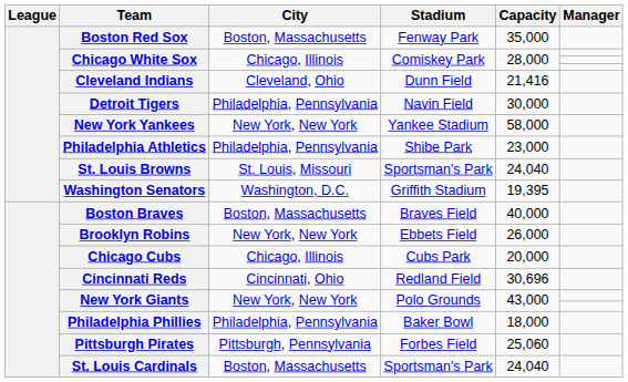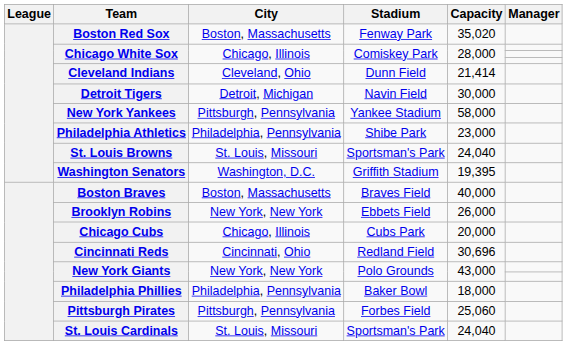 <table class="wikitable sortable plainrowheaders" style="text-align:center;">
 <tr>
 <th scope="col">League</th>
 <th scope="col">Team</th>
 <th scope="col">City</th>
 <th scope="col">Stadium</th>
 <th scope="col">Capacity</th>
 <th scope="col">Manager</th>
 </tr>
 <tr>
 <th rowspan="10"></th>
 <th scope="row"><a href='#'>Boston Red Sox</a></th>
 <td><a href='#'>Boston</a>, <a href='#'>Massachusetts</a></td>
 <td><a href='#'>Fenway Park</a></td>
-<td>35,000</td>
+<td>35,020</td>
 <td></td>
 </tr>
 <tr>
 <th rowspan="3" scope="row"><a href='#'>Chicago White Sox</a></th>
 <td rowspan="3"><a href='#'>Chicago</a>, <a href='#'>Illinois</a></td>
 <td rowspan="3"><a href='#'>Comiskey Park</a></td>
 <td rowspan="3">28,000</td>
 <td></td>
 </tr>
 <tr>
 <td></td>
 </tr>
 <tr>
 <td></td>
 </tr>
 <tr>
 <th scope="row"><a href='#'>Cleveland Indians</a></th>
 <td><a href='#'>Cleveland</a>, <a href='#'>Ohio</a></td>
 <td><a href='#'>Dunn Field</a></td>
-<td>21,416</td>
+<td>21,414</td>
 <td></td>
 </tr>
 <tr>
 <th scope="row"><a href='#'>Detroit Tigers</a></th>
-<td><a href='#'>Philadelphia</a>, <a href='#'>Pennsylvania</a></td>
+<td><a href='#'>Detroit</a>, <a href='#'>Michigan</a></td>
 <td><a href='#'>Navin Field</a></td>
 <td>30,000</td>
 <td></td>
 </tr>
 <tr>
 <th scope="row"><a href='#'>New York Yankees</a></th>
-<td><a href='#'>New York</a>, <a href='#'>New York</a></td>
+<td><a href='#'>Pittsburgh</a>, <a href='#'>Pennsylvania</a></td>
 <td><a href='#'>Yankee Stadium</a></td>
 <td>58,000</td>
 <td></td>
 </tr>
 <tr>
 <th scope="row"><a href='#'>Philadelphia Athletics</a></th>
 <td><a href='#'>Philadelphia</a>, <a href='#'>Pennsylvania</a></td>
 <td><a href='#'>Shibe Park</a></td>
 <td>23,000</td>
 <td></td>
 </tr>
 <tr>
 <th scope="row"><a href='#'>St. Louis Browns</a></th>
 <td><a href='#'>St. Louis</a>, <a href='#'>Missouri</a></td>
 <td><a href='#'>Sportsman's Park</a></td>
 <td>24,040</td>
 <td></td>
 </tr>
 <tr>
 <th scope="row"><a href='#'>Washington Senators</a></th>
 <td><a href='#'>Washington, D.C.</a></td>
 <td><a href='#'>Griffith Stadium</a></td>
 <td>19,395</td>
 <td></td>
 </tr>
 <tr>
 <th rowspan="9"></th>
 <th scope="row"><a href='#'>Boston Braves</a></th>
 <td><a href='#'>Boston</a>, <a href='#'>Massachusetts</a></td>
 <td><a href='#'>Braves Field</a></td>
 <td>40,000</td>
 <td></td>
 </tr>
 <tr>
 <th scope="row"><a href='#'>Brooklyn Robins</a></th>
 <td><a href='#'>New York</a>, <a href='#'>New York</a></td>
 <td><a href='#'>Ebbets Field</a></td>
 <td>26,000</td>
 <td></td>
 </tr>
 <tr>
 <th scope="row"><a href='#'>Chicago Cubs</a></th>
 <td><a href='#'>Chicago</a>, <a href='#'>Illinois</a></td>
 <td><a href='#'>Cubs Park</a></td>
 <td>20,000</td>
 <td></td>
 </tr>
 <tr>
 <th scope="row"><a href='#'>Cincinnati Reds</a></th>
 <td><a href='#'>Cincinnati</a>, <a href='#'>Ohio</a></td>
 <td><a href='#'>Redland Field</a></td>
 <td>30,696</td>
 <td></td>
 </tr>
 <tr>
 <th rowspan="2" scope="row"><a href='#'>New York Giants</a></th>
 <td rowspan="2"><a href='#'>New York</a>, <a href='#'>New York</a></td>
 <td rowspan="2"><a href='#'>Polo Grounds</a></td>
 <td rowspan="2">43,000</td>
 <td></td>
 </tr>
 <tr>
 <td></td>
 </tr>
 <tr>
 <th scope="row"><a href='#'>Philadelphia Phillies</a></th>
 <td><a href='#'>Philadelphia</a>, <a href='#'>Pennsylvania</a></td>
 <td><a href='#'>Baker Bowl</a></td>
 <td>18,000</td>
 <td></td>
 </tr>
 <tr>
 <th scope="row"><a href='#'>Pittsburgh Pirates</a></th>
 <td><a href='#'>Pittsburgh</a>, <a href='#'>Pennsylvania</a></td>
 <td><a href='#'>Forbes Field</a></td>
 <td>25,060</td>
 <td></td>
 </tr>
 <tr>
 <th scope="row"><a href='#'>St. Louis Cardinals</a></th>
-<td><a href='#'>Boston</a>, <a href='#'>Massachusetts</a></td>
+<td><a href='#'>St. Louis</a>, <a href='#'>Missouri</a></td>
 <td><a href='#'>Sportsman's Park</a></td>
 <td>24,040</td>
 <td></td>
 </tr>
 </table>
